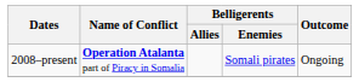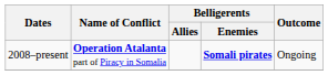 <table class="wikitable" style="margin:1em auto;">
 <tr>
 <th rowspan="2">Dates</th>
 <th rowspan="2">Name of Conflict</th>
 <th colspan="2">Belligerents</th>
 <th rowspan="2">Outcome</th>
 </tr>
 <tr>
 <th>Allies</th>
 <th>Enemies</th>
 </tr>
 <tr>
 <td>2008–present</td>
 <td><strong><a href='#'>Operation Atalanta</a></strong><br><small>part of <a href='#'>Piracy in Somalia</a></small></td>
 <td></td>
-<td><a href='#'>Somali pirates</a></td>
+<td><strong><a href='#'>Somali pirates</a></strong></td>
 <td>Ongoing</td>
 </tr>
 <tr>
 </tr>
 </table>
